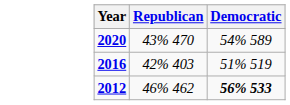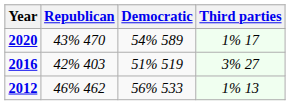 <table class="wikitable" style="float:right; font-size:95%;">
 <tr bgcolor=lightgrey>
 <th>Year</th>
 <th><a href='#'>Republican</a></th>
 <th><a href='#'>Democratic</a></th>
+<th><a href='#'>Third parties</a></th>
 </tr>
 <tr>
 <td style="text-align:center; "><strong><a href='#'>2020</a></strong></td>
 <td style="text-align:center; "><em>43%</em> <em>470</em></td>
 <td style="text-align:center; "><em>54%</em> <em>589</em></td>
+<td style="text-align:center; background:honeyDew;"><em>1%</em> <em>17</em></td>
 </tr>
 <tr>
 <td style="text-align:center; "><strong><a href='#'>2016</a></strong></td>
 <td style="text-align:center; "><em>42%</em> <em>403</em></td>
 <td style="text-align:center; "><em>51%</em> <em>519</em></td>
+<td style="text-align:center; background:honeyDew;"><em>3%</em> <em>27</em></td>
 </tr>
 <tr>
 <td style="text-align:center; "><strong><a href='#'>2012</a></strong></td>
 <td style="text-align:center; "><em>46%</em> <em>462</em></td>
-<td style="text-align:center; "><strong><em>56%</em> <em>533</em></strong></td>
+<td style="text-align:center; "><em>56%</em> <em>533</em></td>
+<td style="text-align:center; background:honeyDew;"><em>1%</em> <em>13</em></td>
 </tr>
 </table>
